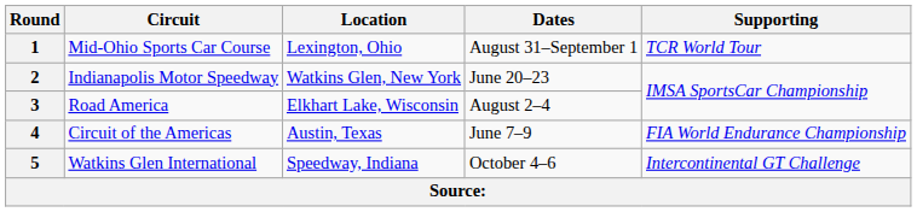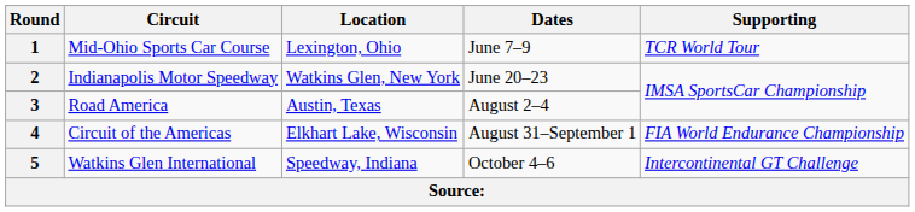 <table class="wikitable" style="font-size: 85%;">
 <tr>
 <th>Round</th>
 <th>Circuit</th>
 <th>Location</th>
 <th>Dates</th>
 <th>Supporting</th>
 </tr>
 <tr>
 <th>1</th>
 <td><a href='#'>Mid-Ohio Sports Car Course</a></td>
 <td> <a href='#'>Lexington, Ohio</a></td>
-<td>August 31–September 1</td>
+<td>June 7–9</td>
 <td><em><a href='#'>TCR World Tour</a></em></td>
 </tr>
 <tr>
 <th>2</th>
 <td><a href='#'>Indianapolis Motor Speedway</a></td>
 <td> <a href='#'>Watkins Glen, New York</a></td>
 <td>June 20–23</td>
 <td rowspan="2"><em><a href='#'>IMSA SportsCar Championship</a></em></td>
 </tr>
 <tr>
 <th>3</th>
 <td><a href='#'>Road America</a></td>
-<td> <a href='#'>Elkhart Lake, Wisconsin</a></td>
+<td> <a href='#'>Austin, Texas</a></td>
 <td>August 2–4</td>
 </tr>
 <tr>
 <th>4</th>
 <td><a href='#'>Circuit of the Americas</a></td>
-<td> <a href='#'>Austin, Texas</a></td>
-<td>June 7–9</td>
+<td> <a href='#'>Elkhart Lake, Wisconsin</a></td>
+<td>August 31–September 1</td>
 <td><em><a href='#'>FIA World Endurance Championship</a></em></td>
 </tr>
 <tr>
 <th>5</th>
 <td><a href='#'>Watkins Glen International</a></td>
 <td> <a href='#'>Speedway, Indiana</a></td>
 <td>October 4–6</td>
 <td><em><a href='#'>Intercontinental GT Challenge</a></em></td>
 </tr>
 <tr>
 <th colspan="5">Source:</th>
 </tr>
 </table>
